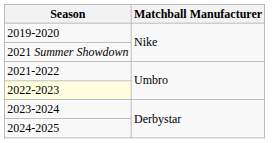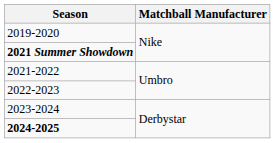 <table class="wikitable">
 <tr>
 <th>Season</th>
 <th>Matchball Manufacturer</th>
 </tr>
 <tr>
 <td>2019-2020</td>
 <td rowspan="2">Nike</td>
 </tr>
 <tr>
-<td>2021 <em>Summer Showdown</em></td>
+<td><strong>2021 <em>Summer Showdown</em></strong></td>
 </tr>
 <tr>
 <td>2021-2022</td>
 <td rowspan="2">Umbro</td>
 </tr>
 <tr>
-<td style="background: lightyellow;">2022-2023</td>
+<td>2022-2023</td>
 </tr>
 <tr>
 <td>2023-2024</td>
 <td rowspan="2">Derbystar</td>
 </tr>
 <tr>
-<td>2024-2025</td>
+<td><strong>2024-2025</strong></td>
 </tr>
 </table>
